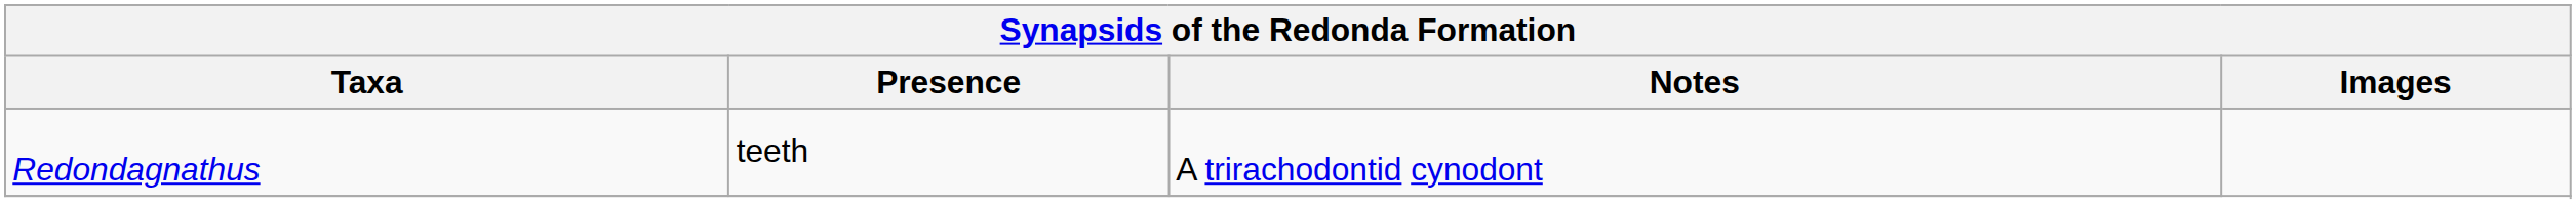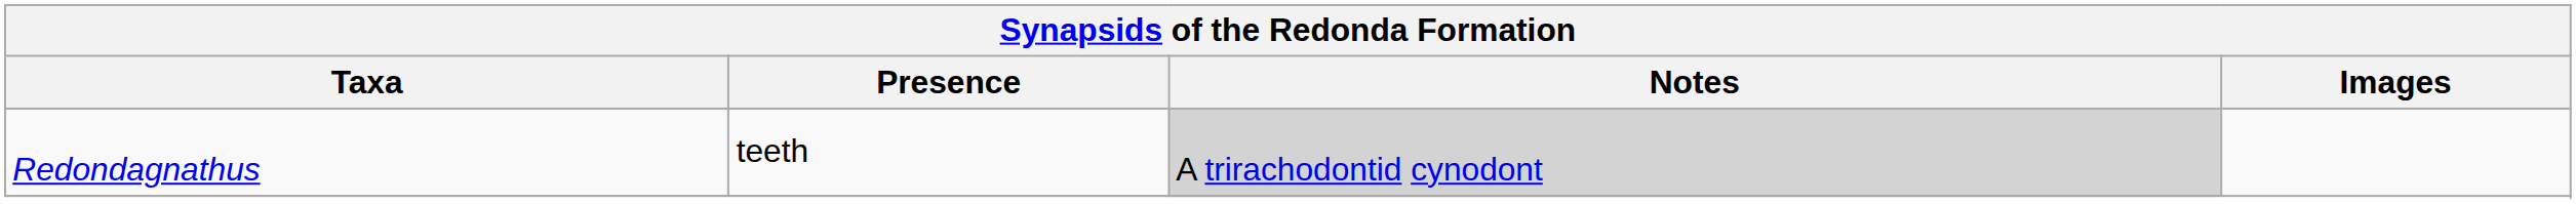 <table class="wikitable" align="center" width="100%">
 <tr>
 <th colspan="5" align="center"><strong><a href='#'>Synapsids</a> of the Redonda Formation</strong></th>
 </tr>
 <tr>
 <th>Taxa</th>
 <th>Presence</th>
 <th>Notes</th>
 <th>Images</th>
 </tr>
 <tr>
 <td><br><em><a href='#'>Redondagnathus</a></em></td>
 <td>teeth</td>
-<td><br>A <a href='#'>trirachodontid</a> <a href='#'>cynodont</a></td>
+<td style="background: lightgrey;"><br>A <a href='#'>trirachodontid</a> <a href='#'>cynodont</a></td>
 <td rowspan="99"></td>
 </tr>
 <tr>
 </tr>
 </table>
